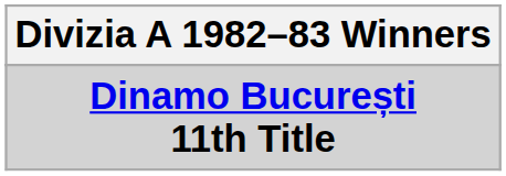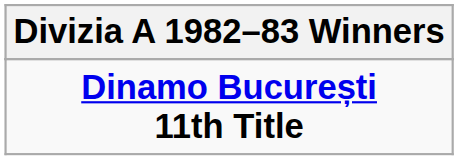 <table class="wikitable" style="text-align: center; margin: 0 auto;">
 <tr>
 <th>Divizia A 1982–83 Winners</th>
 </tr>
 <tr>
 </tr>
 <tr>
-<td style="background: lightgrey;"><strong><a href='#'>Dinamo București</a></strong><br><strong>11th Title</strong></td>
+<td><strong><a href='#'>Dinamo București</a></strong><br><strong>11th Title</strong></td>
 </tr>
 </table>
